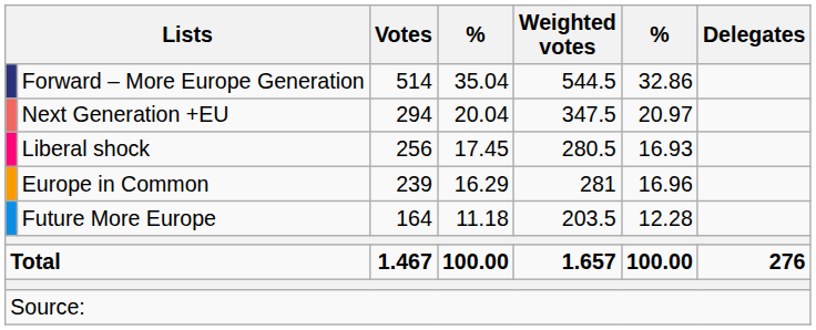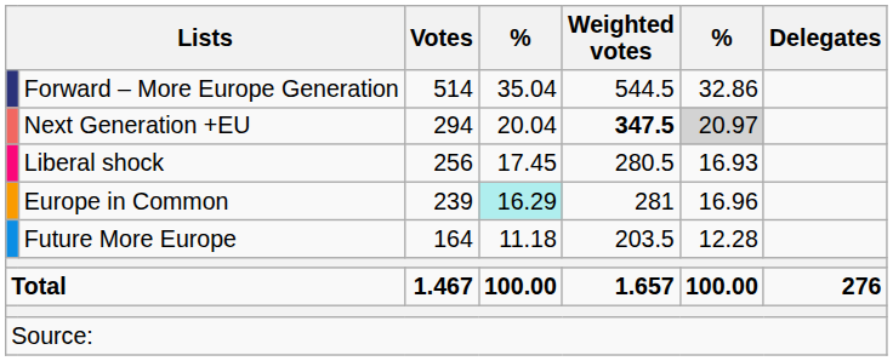 <table class="wikitable" style="text-align:right; font-size:90%;">
 <tr>
 <th colspan="2" width="100">Lists</th>
 <th width="30">Votes</th>
 <th width="40">%</th>
 <th width="30">Weighted votes</th>
 <th width="40">%</th>
 <th width="60">Delegates</th>
 </tr>
 <tr>
 <td width="1" bgcolor=#2B327A></td>
 <td align="left">Forward – More Europe Generation</td>
 <td>514</td>
 <td>35.04</td>
 <td>544.5</td>
 <td>32.86</td>
 <td></td>
 </tr>
 <tr>
 <td width="1" bgcolor=#F16761></td>
 <td align="left">Next Generation +EU</td>
 <td>294</td>
 <td>20.04</td>
-<td>347.5</td>
-<td>20.97</td>
+<td><strong>347.5</strong></td>
+<td style="background: lightgrey;">20.97</td>
 <td></td>
 </tr>
 <tr>
 <td width="1" bgcolor=#FB077A></td>
 <td align="left">Liberal shock</td>
 <td>256</td>
 <td>17.45</td>
 <td>280.5</td>
 <td>16.93</td>
 <td></td>
 </tr>
 <tr>
 <td width="1" bgcolor=#FA9B00></td>
 <td align="left">Europe in Common</td>
 <td>239</td>
-<td>16.29</td>
+<td style="background: paleturquoise;">16.29</td>
 <td>281</td>
 <td>16.96</td>
 <td></td>
 </tr>
 <tr>
 <td width="1" bgcolor=#0C8EE4></td>
 <td align="left">Future More Europe</td>
 <td>164</td>
 <td>11.18</td>
 <td>203.5</td>
 <td>12.28</td>
 <td></td>
 </tr>
 <tr>
 <th colspan="7"></th>
 </tr>
 <tr style="font-weight:bold;">
 <td align="left" colspan="2">Total</td>
 <td>1.467</td>
 <td>100.00</td>
 <td>1.657</td>
 <td>100.00</td>
 <td>276</td>
 </tr>
 <tr>
 <th colspan="7"></th>
 </tr>
 <tr>
 <td colspan="7" align="left">Source: </td>
 </tr>
 </table>
